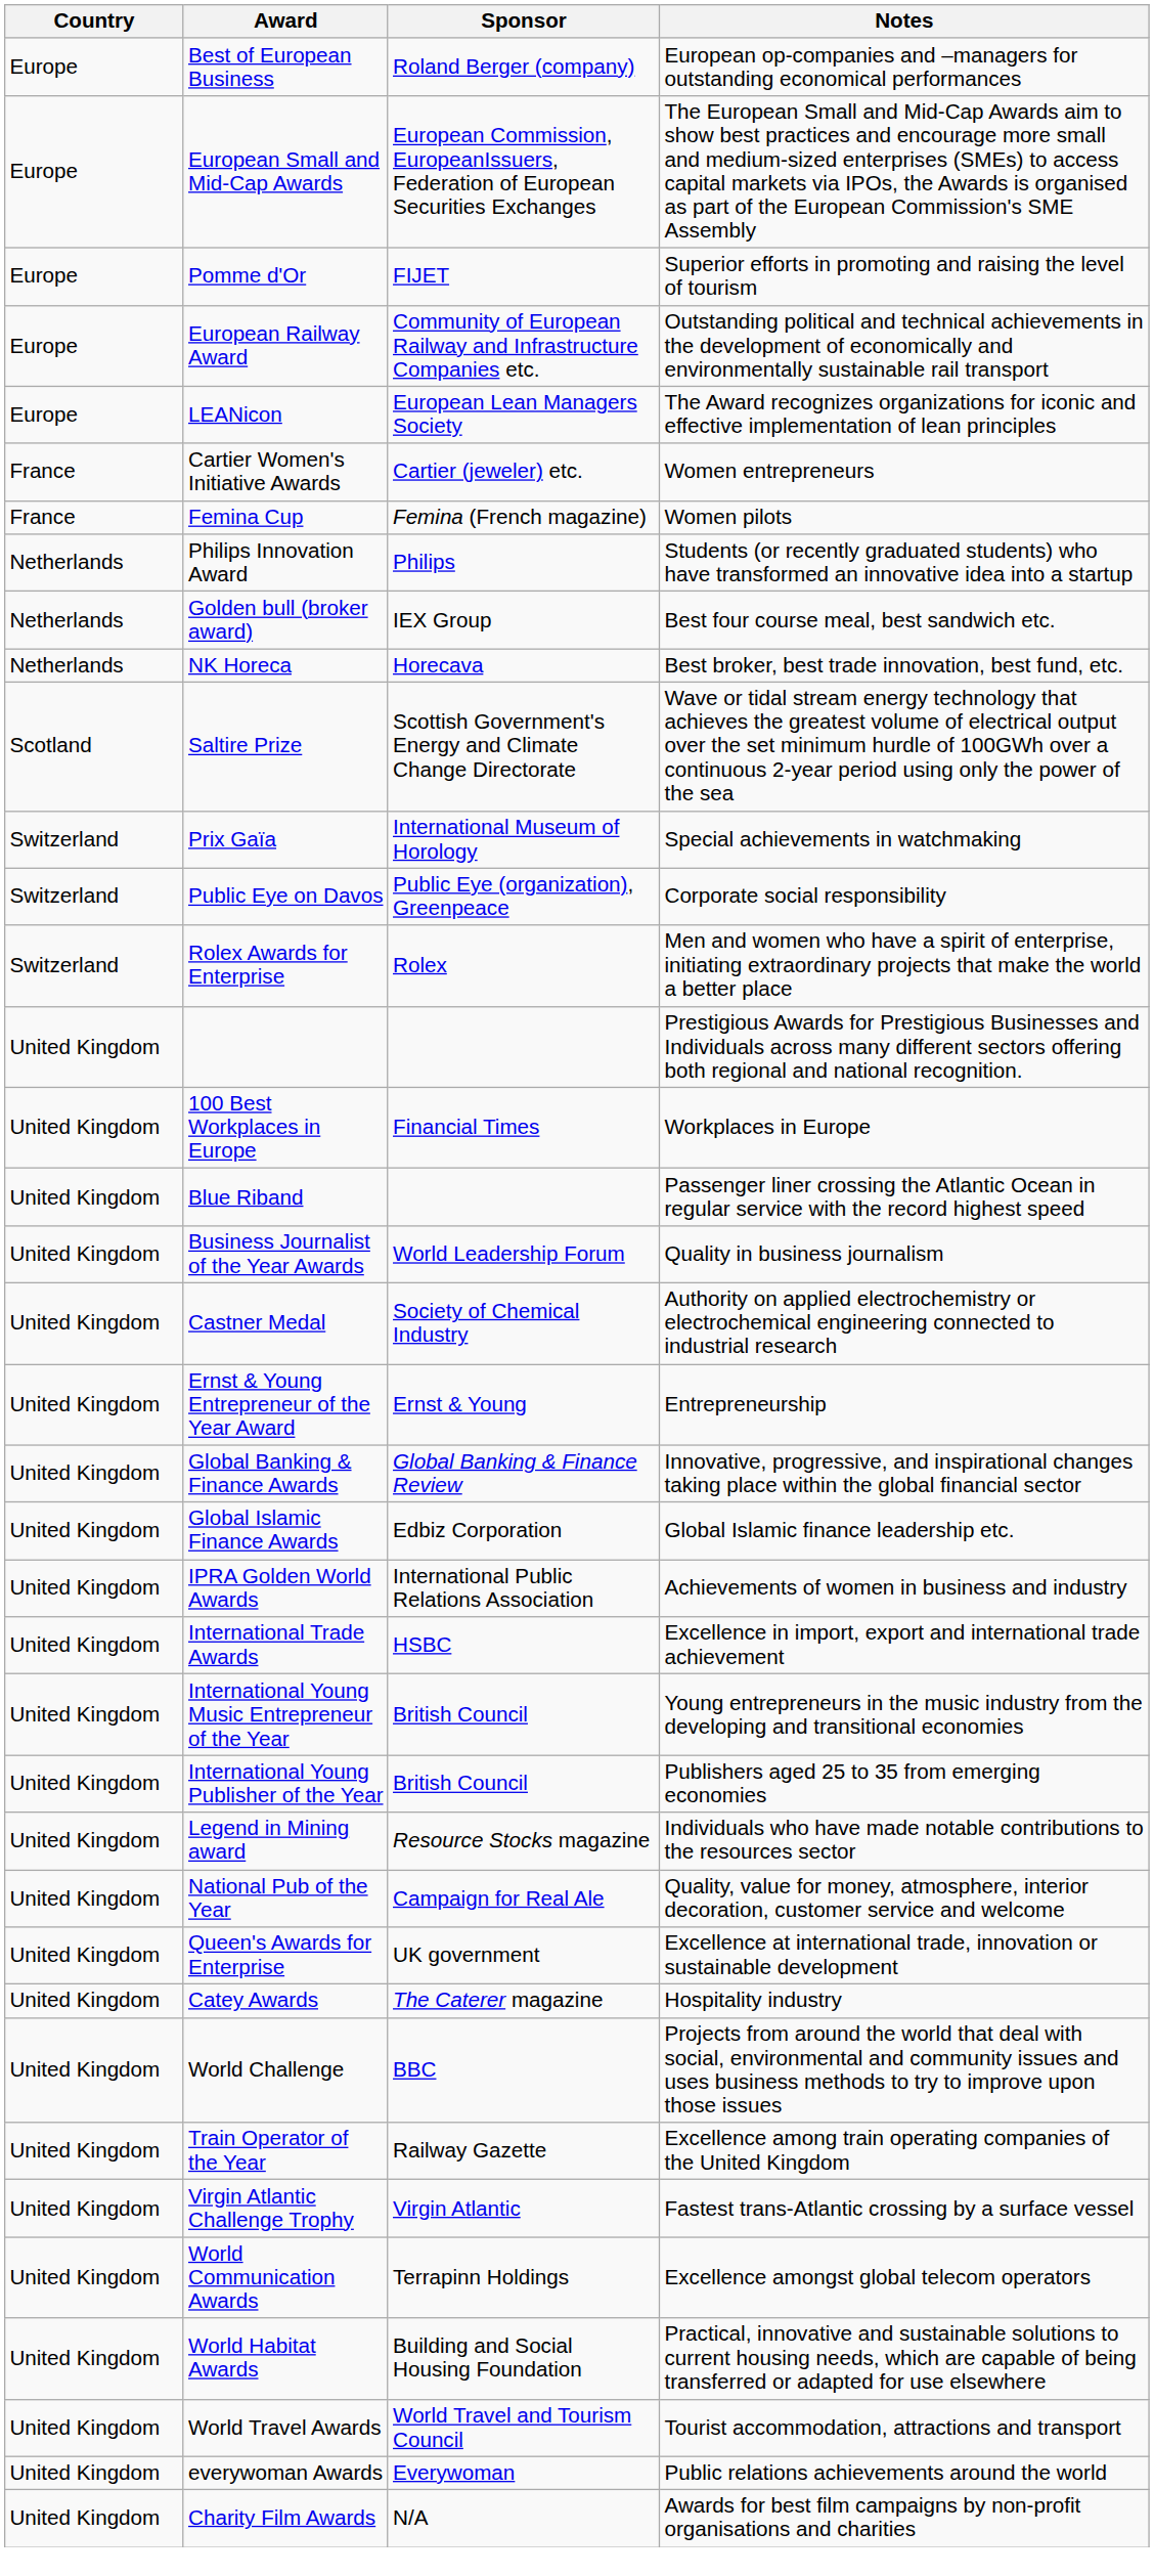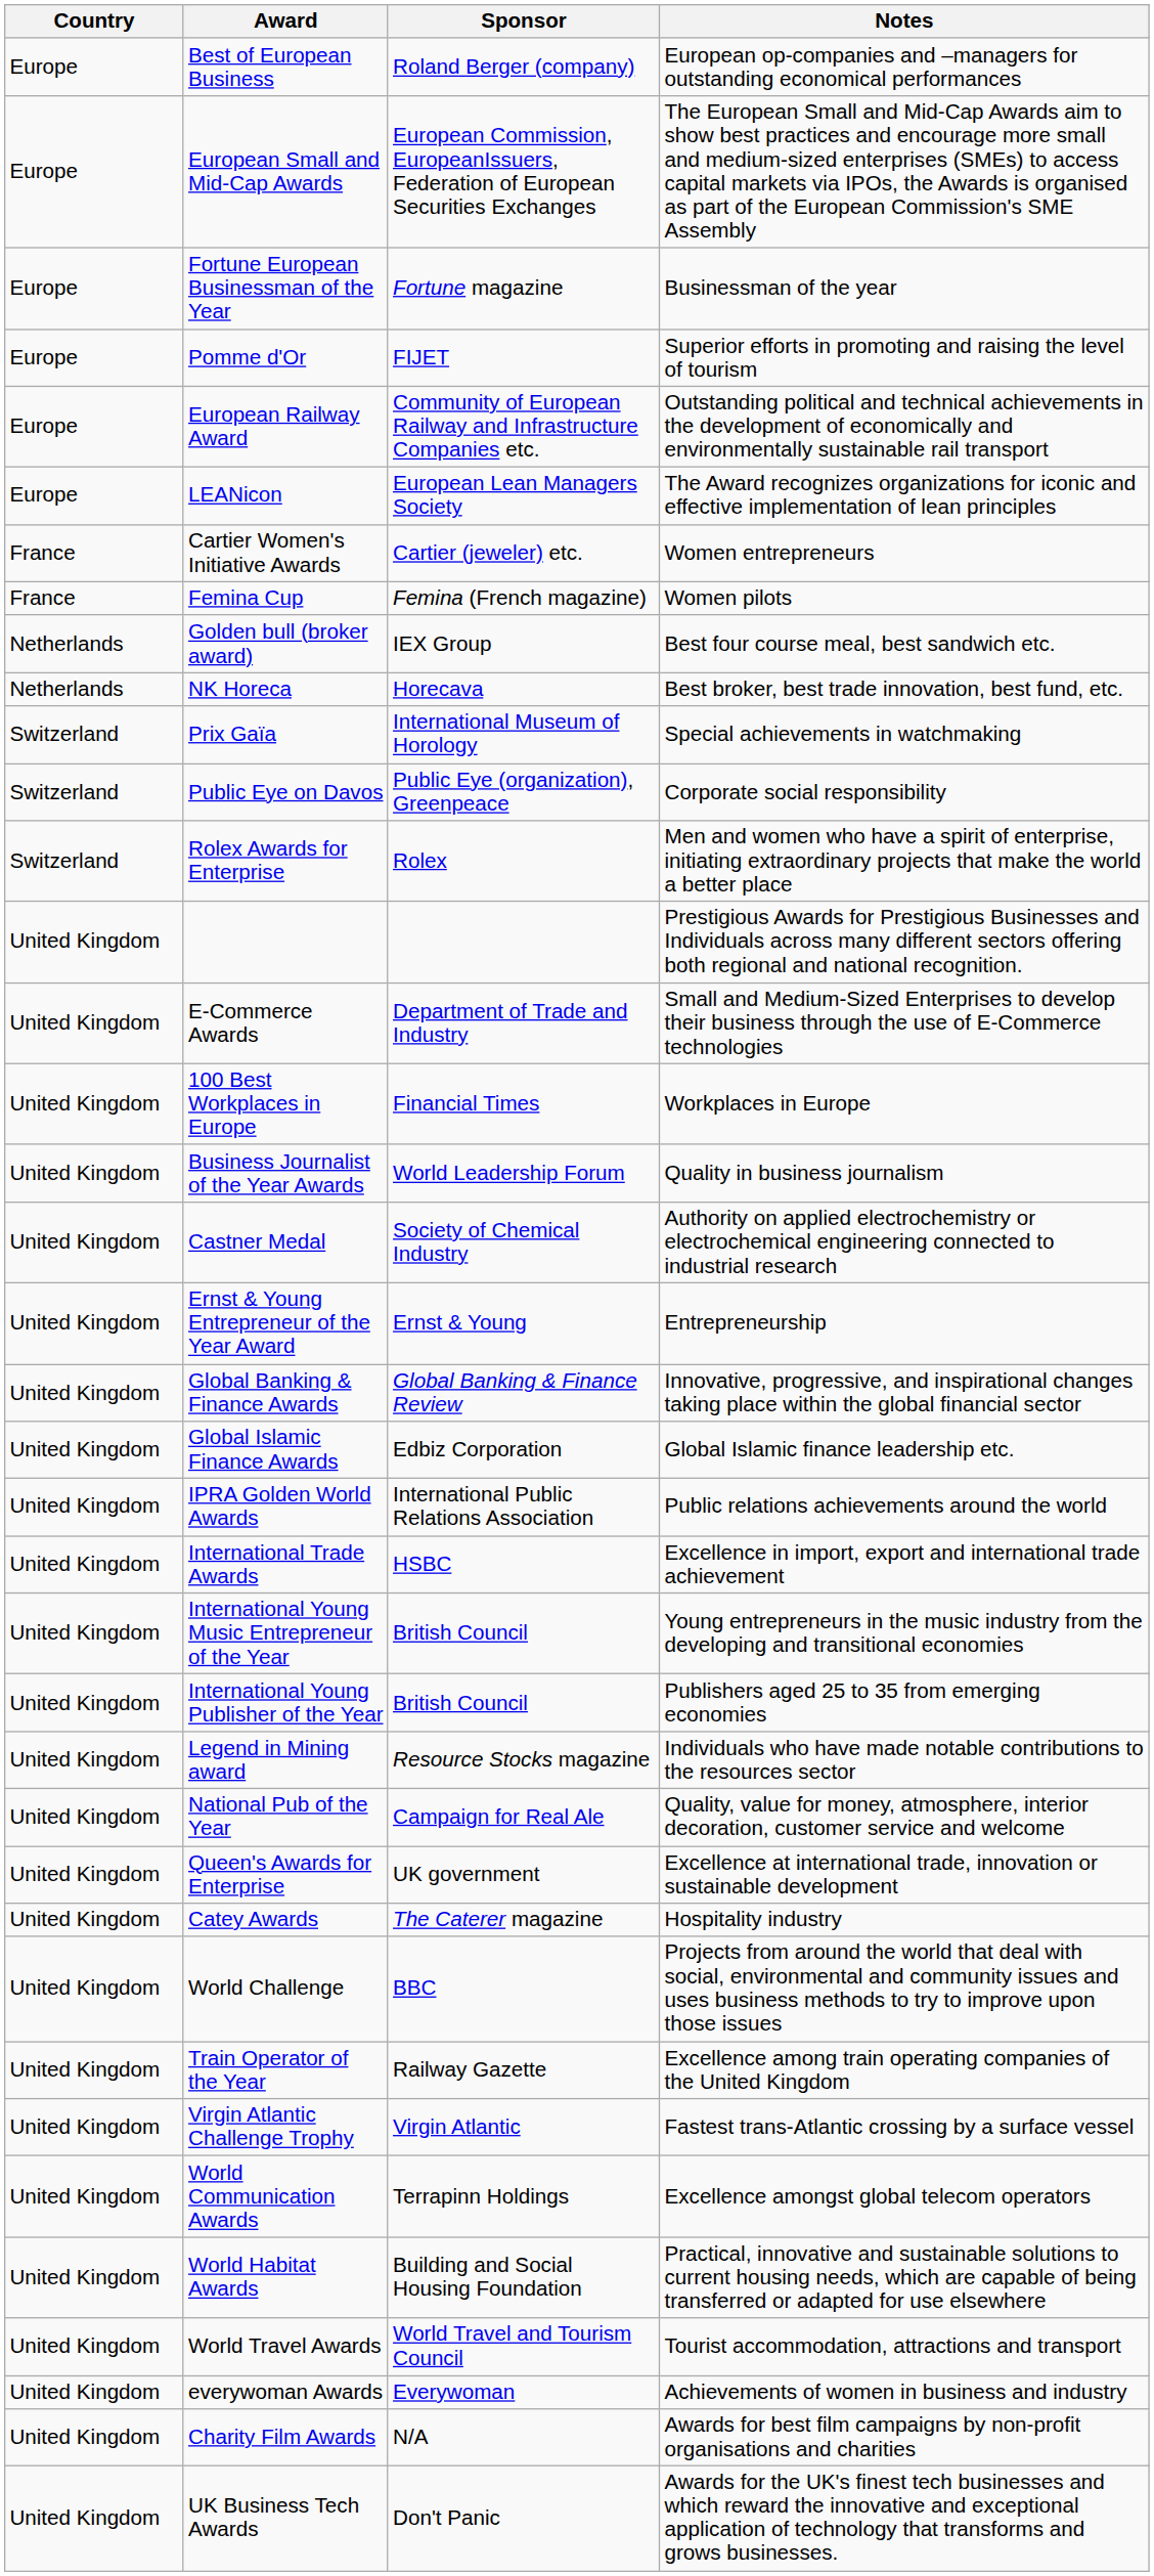 <table class="wikitable sortable">
 <tr>
 <th style="width:8em;">Country</th>
 <th>Award</th>
 <th>Sponsor</th>
 <th>Notes</th>
 </tr>
 <tr>
 <td>Europe</td>
 <td><a href='#'>Best of European Business</a></td>
 <td><a href='#'>Roland Berger (company)</a></td>
 <td>European op-companies and –managers for outstanding economical performances</td>
 </tr>
 <tr>
 <td>Europe</td>
 <td><a href='#'>European Small and Mid-Cap Awards</a></td>
 <td><a href='#'>European Commission</a>, <a href='#'>EuropeanIssuers</a>, Federation of European Securities Exchanges</td>
 <td>The European Small and Mid-Cap Awards aim to show best practices and encourage more small and medium-sized enterprises (SMEs) to access capital markets via IPOs, the Awards is organised as part of the European Commission's SME Assembly</td>
+</tr>
+<tr>
+<td>Europe</td>
+<td><a href='#'>Fortune European Businessman of the Year</a></td>
+<td><em><a href='#'>Fortune</a></em> magazine</td>
+<td>Businessman of the year</td>
 </tr>
 <tr>
 <td>Europe</td>
 <td><a href='#'>Pomme d'Or</a></td>
 <td><a href='#'>FIJET</a></td>
 <td>Superior efforts in promoting and raising the level of tourism</td>
 </tr>
 <tr>
 <td>Europe</td>
 <td><a href='#'>European Railway Award</a></td>
 <td><a href='#'>Community of European Railway and Infrastructure Companies</a> etc.</td>
 <td>Outstanding political and technical achievements in the development of economically and environmentally sustainable rail transport</td>
 </tr>
 <tr>
 <td>Europe</td>
 <td><a href='#'>LEANicon</a></td>
 <td><a href='#'>European Lean Managers Society</a></td>
 <td>The Award recognizes organizations for iconic and effective implementation of lean principles</td>
 </tr>
 <tr>
 <td>France</td>
 <td>Cartier Women's Initiative Awards</td>
 <td><a href='#'>Cartier (jeweler)</a> etc.</td>
 <td>Women entrepreneurs</td>
 </tr>
 <tr>
 <td>France</td>
 <td><a href='#'>Femina Cup</a></td>
 <td><em>Femina</em> (French magazine)</td>
 <td>Women pilots</td>
 </tr>
 <tr>
 <td>Netherlands</td>
-<td>Philips Innovation Award</td>
-<td><a href='#'>Philips</a></td>
-<td>Students (or recently graduated students) who have transformed an innovative idea into a startup</td>
-</tr>
-<tr>
-<td>Netherlands</td>
 <td><a href='#'>Golden bull (broker award)</a></td>
 <td>IEX Group</td>
 <td>Best four course meal, best sandwich etc.</td>
 </tr>
 <tr>
 <td>Netherlands</td>
 <td><a href='#'>NK Horeca</a></td>
 <td><a href='#'>Horecava</a></td>
 <td>Best broker, best trade innovation, best fund, etc.</td>
-</tr>
-<tr>
-<td>Scotland</td>
-<td><a href='#'>Saltire Prize</a></td>
-<td>Scottish Government's Energy and Climate Change Directorate</td>
-<td>Wave or tidal stream energy technology that achieves the greatest volume of electrical output over the set minimum hurdle of 100GWh over a continuous 2-year period using only the power of the sea</td>
 </tr>
 <tr>
 <td>Switzerland</td>
 <td><a href='#'>Prix Gaïa</a></td>
 <td><a href='#'>International Museum of Horology</a></td>
 <td>Special achievements in watchmaking</td>
 </tr>
 <tr>
 <td>Switzerland</td>
 <td><a href='#'>Public Eye on Davos</a></td>
 <td><a href='#'>Public Eye (organization)</a>, <a href='#'>Greenpeace</a></td>
 <td>Corporate social responsibility</td>
 </tr>
 <tr>
 <td>Switzerland</td>
 <td><a href='#'>Rolex Awards for Enterprise</a></td>
 <td><a href='#'>Rolex</a></td>
 <td>Men and women who have a spirit of enterprise, initiating extraordinary projects that make the world a better place</td>
 </tr>
 <tr>
 <td>United Kingdom</td>
 <td></td>
 <td></td>
 <td>Prestigious Awards for Prestigious Businesses and Individuals across many different sectors offering both regional and national recognition.</td>
 </tr>
 <tr>
 <td>United Kingdom</td>
+<td>E-Commerce Awards</td>
+<td><a href='#'>Department of Trade and Industry</a></td>
+<td>Small and Medium-Sized Enterprises to develop their business through the use of E-Commerce technologies</td>
+</tr>
+<tr>
+<td>United Kingdom</td>
 <td><a href='#'>100 Best Workplaces in Europe</a></td>
 <td><a href='#'>Financial Times</a></td>
 <td>Workplaces in Europe</td>
-</tr>
-<tr>
-<td>United Kingdom</td>
-<td><a href='#'>Blue Riband</a></td>
-<td></td>
-<td>Passenger liner crossing the Atlantic Ocean in regular service with the record highest speed</td>
 </tr>
 <tr>
 <td>United Kingdom</td>
 <td><a href='#'>Business Journalist of the Year Awards</a></td>
 <td><a href='#'>World Leadership Forum</a></td>
 <td>Quality in business journalism</td>
 </tr>
 <tr>
 <td>United Kingdom</td>
 <td><a href='#'>Castner Medal</a></td>
 <td><a href='#'>Society of Chemical Industry</a></td>
 <td>Authority on applied electrochemistry or electrochemical engineering connected to industrial research</td>
 </tr>
 <tr>
 <td>United Kingdom</td>
 <td><a href='#'>Ernst & Young Entrepreneur of the Year Award</a></td>
 <td><a href='#'>Ernst & Young</a></td>
 <td>Entrepreneurship</td>
 </tr>
 <tr>
 <td>United Kingdom</td>
 <td><a href='#'>Global Banking & Finance Awards</a></td>
 <td><em><a href='#'>Global Banking & Finance Review</a></em></td>
 <td>Innovative, progressive, and inspirational changes taking place within the global financial sector</td>
 </tr>
 <tr>
 <td>United Kingdom</td>
 <td><a href='#'>Global Islamic Finance Awards</a></td>
 <td>Edbiz Corporation</td>
 <td>Global Islamic finance leadership etc.</td>
 </tr>
 <tr>
 <td>United Kingdom</td>
 <td><a href='#'>IPRA Golden World Awards</a></td>
 <td>International Public Relations Association</td>
-<td>Achievements of women in business and industry</td>
+<td>Public relations achievements around the world</td>
 </tr>
 <tr>
 <td>United Kingdom</td>
 <td><a href='#'>International Trade Awards</a></td>
 <td><a href='#'>HSBC</a></td>
 <td>Excellence in import, export and international trade achievement</td>
 </tr>
 <tr>
 <td>United Kingdom</td>
 <td><a href='#'>International Young Music Entrepreneur of the Year</a></td>
 <td><a href='#'>British Council</a></td>
 <td>Young entrepreneurs in the music industry from the developing and transitional economies</td>
 </tr>
 <tr>
 <td>United Kingdom</td>
 <td><a href='#'>International Young Publisher of the Year</a></td>
 <td><a href='#'>British Council</a></td>
 <td>Publishers aged 25 to 35 from emerging economies</td>
 </tr>
 <tr>
 <td>United Kingdom</td>
 <td><a href='#'>Legend in Mining award</a></td>
 <td><em>Resource Stocks</em> magazine</td>
 <td>Individuals who have made notable contributions to the resources sector</td>
 </tr>
 <tr>
 <td>United Kingdom</td>
 <td><a href='#'>National Pub of the Year</a></td>
 <td><a href='#'>Campaign for Real Ale</a></td>
 <td>Quality, value for money, atmosphere, interior decoration, customer service and welcome</td>
 </tr>
 <tr>
 <td>United Kingdom</td>
 <td><a href='#'>Queen's Awards for Enterprise</a></td>
 <td>UK government</td>
 <td>Excellence at international trade, innovation or sustainable development</td>
 </tr>
 <tr>
 <td>United Kingdom</td>
 <td><a href='#'>Catey Awards</a></td>
 <td><em><a href='#'>The Caterer</a></em> magazine</td>
 <td>Hospitality industry</td>
 </tr>
 <tr>
 <td>United Kingdom</td>
 <td>World Challenge</td>
 <td><a href='#'>BBC</a></td>
 <td>Projects from around the world that deal with social, environmental and community issues and uses business methods to try to improve upon those issues</td>
 </tr>
 <tr>
 <td>United Kingdom</td>
 <td><a href='#'>Train Operator of the Year</a></td>
 <td>Railway Gazette</td>
 <td>Excellence among train operating companies of the United Kingdom</td>
 </tr>
 <tr>
 <td>United Kingdom</td>
 <td><a href='#'>Virgin Atlantic Challenge Trophy</a></td>
 <td><a href='#'>Virgin Atlantic</a></td>
 <td>Fastest trans-Atlantic crossing by a surface vessel</td>
 </tr>
 <tr>
 <td>United Kingdom</td>
 <td><a href='#'>World Communication Awards</a></td>
 <td>Terrapinn Holdings</td>
 <td>Excellence amongst global telecom operators</td>
 </tr>
 <tr>
 <td>United Kingdom</td>
 <td><a href='#'>World Habitat Awards</a></td>
 <td>Building and Social Housing Foundation</td>
 <td>Practical, innovative and sustainable solutions to current housing needs, which are capable of being transferred or adapted for use elsewhere</td>
 </tr>
 <tr>
 <td>United Kingdom</td>
 <td>World Travel Awards</td>
 <td><a href='#'>World Travel and Tourism Council</a></td>
 <td>Tourist accommodation, attractions and transport</td>
 </tr>
 <tr>
 <td>United Kingdom</td>
 <td>everywoman Awards</td>
 <td><a href='#'>Everywoman</a></td>
-<td>Public relations achievements around the world</td>
+<td>Achievements of women in business and industry</td>
 </tr>
 <tr>
 <td>United Kingdom</td>
 <td><a href='#'>Charity Film Awards</a></td>
 <td>N/A</td>
 <td>Awards for best film campaigns by non-profit organisations and charities</td>
 </tr>
+<tr>
+<td>United Kingdom</td>
+<td>UK Business Tech Awards</td>
+<td>Don't Panic</td>
+<td>Awards for the UK's finest tech businesses and which reward the innovative and exceptional application of technology that transforms and grows businesses.</td>
+</tr>
 </table>
